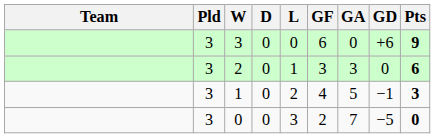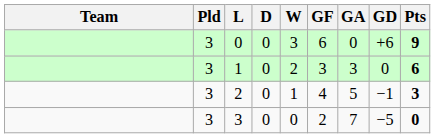 <table class="wikitable" style="text-align:center;">
 <tr>
 <th width=180>Team</th>
 <th width=20>Pld</th>
+<th width=20>L</th>
+<th width=20>D</th>
 <th width=20>W</th>
-<th width=20>D</th>
-<th width=20>L</th>
 <th width=20>GF</th>
 <th width=20>GA</th>
 <th width=20>GD</th>
 <th width=20>Pts</th>
 </tr>
 <tr bgcolor="ccffcc">
 <td align="left"></td>
 <td>3</td>
-<td>3</td>
 <td>0</td>
 <td>0</td>
+<td>3</td>
 <td>6</td>
 <td>0</td>
 <td>+6</td>
 <td><strong>9</strong></td>
 </tr>
 <tr bgcolor="ccffcc">
 <td align="left"></td>
 <td>3</td>
+<td>1</td>
+<td>0</td>
 <td>2</td>
-<td>0</td>
-<td>1</td>
 <td>3</td>
 <td>3</td>
 <td>0</td>
 <td><strong>6</strong></td>
 </tr>
 <tr>
 <td align="left"></td>
 <td>3</td>
+<td>2</td>
+<td>0</td>
 <td>1</td>
-<td>0</td>
-<td>2</td>
 <td>4</td>
 <td>5</td>
 <td>−1</td>
 <td><strong>3</strong></td>
 </tr>
 <tr>
 <td align="left"></td>
 <td>3</td>
+<td>3</td>
 <td>0</td>
 <td>0</td>
-<td>3</td>
 <td>2</td>
 <td>7</td>
 <td>−5</td>
 <td><strong>0</strong></td>
 </tr>
 </table>
